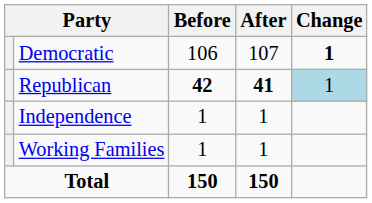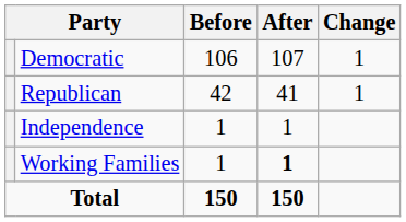 <table class="wikitable" style="text-align:center;">
 <tr>
 <th colspan="2">Party</th>
 <th>Before</th>
 <th>After</th>
 <th>Change</th>
 </tr>
 <tr>
 <th style="background-color:"></th>
 <td style="text-align:left;"><a href='#'>Democratic</a></td>
 <td>106</td>
 <td>107</td>
-<td><strong> 1</strong></td>
+<td> 1</td>
 </tr>
 <tr>
 <th style="background-color:"></th>
 <td style="text-align:left;"><a href='#'>Republican</a></td>
-<td><strong>42</strong></td>
-<td><strong>41</strong></td>
-<td style="background: lightblue;"> 1</td>
+<td>42</td>
+<td>41</td>
+<td> 1</td>
 </tr>
 <tr>
 <th style="background-color:"></th>
 <td style="text-align:left;"><a href='#'>Independence</a></td>
 <td>1</td>
 <td>1</td>
 <td></td>
 </tr>
 <tr>
 <th style="background-color:"></th>
 <td style="text-align:left;"><a href='#'>Working Families</a></td>
 <td>1</td>
-<td>1</td>
+<td><strong>1</strong></td>
 <td></td>
 </tr>
 <tr>
 <td colspan="2"><strong>Total</strong></td>
 <td><strong>150</strong></td>
 <td><strong>150</strong></td>
 <td></td>
 </tr>
 </table>
